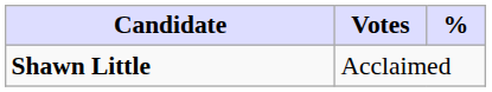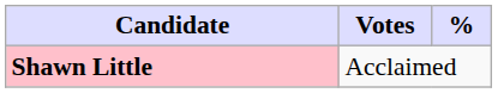 <table class="wikitable">
 <tr>
 <th style="background:#ddf; width:200px;">Candidate</th>
 <th style="background:#ddf; width:50px;">Votes</th>
 <th style="background:#ddf; width:30px;">%</th>
 </tr>
 <tr>
-<td><strong>Shawn Little</strong></td>
+<td style="background: pink;"><strong>Shawn Little</strong></td>
 <td colspan="2">Acclaimed</td>
 </tr>
 </table>
